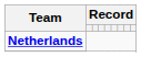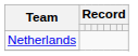 <table class=wikitable style=text-align:center>
 <tr>
 <th rowspan=2>Team</th>
 <th colspan=8>Record</th>
 </tr>
 <tr>
 <th></th>
 <th></th>
 <th></th>
 <th></th>
 <th></th>
 <th></th>
 <th></th>
 <th></th>
 </tr>
 <tr>
-<td align=left><strong><a href='#'>Netherlands</a><br></strong></td>
+<td align=left><a href='#'>Netherlands</a><br></td>
 </tr>
 <tr>
 </tr>
 </table>
